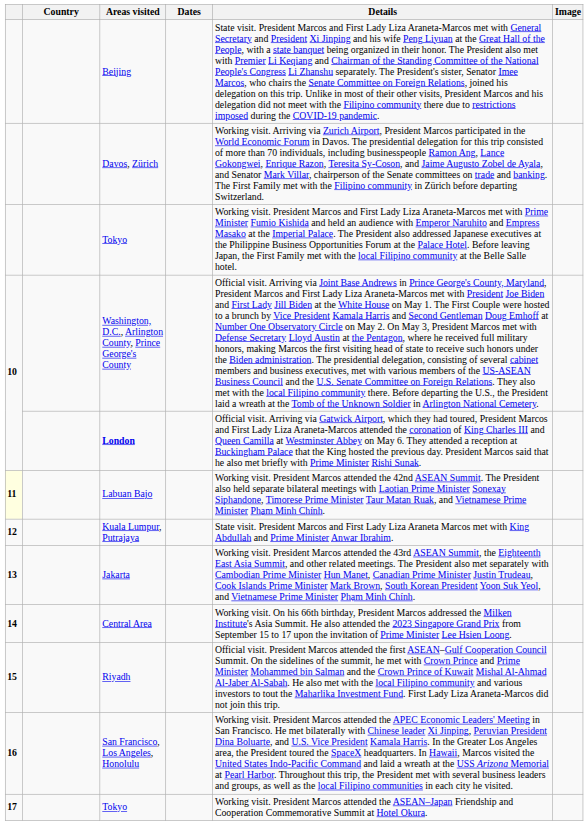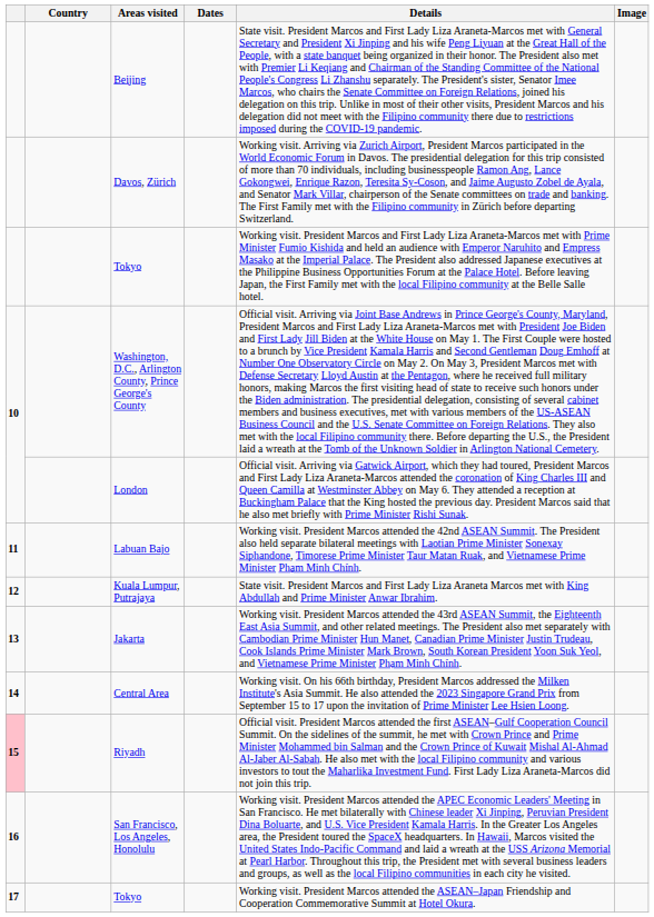 <table class="wikitable sortable" style="margin: 1em auto 1em auto">
 <tr>
 <th style="width: 3%;"></th>
 <th width=120>Country</th>
 <th width=100>Areas visited</th>
 <th width=70>Dates</th>
 <th width=550>Details</th>
 <th class="unsortable">Image</th>
 </tr>
 <tr>
 <td></td>
 <td></td>
 <td><a href='#'>Beijing</a></td>
 <td></td>
 <td>State visit. President Marcos and First Lady Liza Araneta-Marcos met with <a href='#'>General Secretary</a> and <a href='#'>President</a> <a href='#'>Xi Jinping</a> and his wife <a href='#'>Peng Liyuan</a> at the <a href='#'>Great Hall of the People</a>, with a <a href='#'>state banquet</a> being organized in their honor. The President also met with <a href='#'>Premier</a> <a href='#'>Li Keqiang</a> and <a href='#'>Chairman of the Standing Committee of the National People's Congress</a> <a href='#'>Li Zhanshu</a> separately. The President's sister, Senator <a href='#'>Imee Marcos</a>, who chairs the <a href='#'>Senate Committee on Foreign Relations</a>, joined his delegation on this trip. Unlike in most of their other visits, President Marcos and his delegation did not meet with the <a href='#'>Filipino community</a> there due to <a href='#'>restrictions imposed</a> during the <a href='#'>COVID-19 pandemic</a>.</td>
 <td></td>
 </tr>
 <tr>
 <td></td>
 <td></td>
 <td><a href='#'>Davos</a>, <a href='#'>Zürich</a></td>
 <td></td>
 <td>Working visit. Arriving via <a href='#'>Zurich Airport</a>, President Marcos participated in the <a href='#'>World Economic Forum</a> in Davos. The presidential delegation for this trip consisted of more than 70 individuals, including businesspeople <a href='#'>Ramon Ang</a>, <a href='#'>Lance Gokongwei</a>, <a href='#'>Enrique Razon</a>, <a href='#'>Teresita Sy-Coson</a>, and <a href='#'>Jaime Augusto Zobel de Ayala</a>, and Senator <a href='#'>Mark Villar</a>, chairperson of the Senate committees on <a href='#'>trade</a> and <a href='#'>banking</a>. The First Family met with the <a href='#'>Filipino community</a> in Zürich before departing Switzerland.</td>
 <td></td>
 </tr>
 <tr>
 <td></td>
 <td></td>
 <td><a href='#'>Tokyo</a></td>
 <td></td>
 <td>Working visit. President Marcos and First Lady Liza Araneta-Marcos met with <a href='#'>Prime Minister</a> <a href='#'>Fumio Kishida</a> and held an audience with <a href='#'>Emperor Naruhito</a> and <a href='#'>Empress Masako</a> at the <a href='#'>Imperial Palace</a>. The President also addressed Japanese executives at the Philippine Business Opportunities Forum at the <a href='#'>Palace Hotel</a>. Before leaving Japan, the First Family met with the <a href='#'>local Filipino community</a> at the Belle Salle hotel.</td>
 <td></td>
 </tr>
 <tr>
 <td rowspan="2"><strong>10</strong></td>
 <td></td>
 <td><a href='#'>Washington, D.C.</a>, <a href='#'>Arlington County</a>, <a href='#'>Prince George's County</a></td>
 <td></td>
 <td>Official visit. Arriving via <a href='#'>Joint Base Andrews</a> in <a href='#'>Prince George's County, Maryland</a>, President Marcos and First Lady Liza Araneta-Marcos met with <a href='#'>President</a> <a href='#'>Joe Biden</a> and <a href='#'>First Lady</a> <a href='#'>Jill Biden</a> at the <a href='#'>White House</a> on May 1. The First Couple were hosted to a brunch by <a href='#'>Vice President</a> <a href='#'>Kamala Harris</a> and <a href='#'>Second Gentleman</a> <a href='#'>Doug Emhoff</a> at <a href='#'>Number One Observatory Circle</a> on May 2. On May 3, President Marcos met with <a href='#'>Defense Secretary</a> <a href='#'>Lloyd Austin</a> at <a href='#'>the Pentagon</a>, where he received full military honors, making Marcos the first visiting head of state to receive such honors under the <a href='#'>Biden administration</a>. The presidential delegation, consisting of several <a href='#'>cabinet</a> members and business executives, met with various members of the <a href='#'>US-ASEAN Business Council</a> and the <a href='#'>U.S. Senate Committee on Foreign Relations</a>. They also met with the <a href='#'>local Filipino community</a> there. Before departing the U.S., the President laid a wreath at the <a href='#'>Tomb of the Unknown Soldier</a> in <a href='#'>Arlington National Cemetery</a>.</td>
 <td></td>
 </tr>
 <tr>
 <td></td>
-<td><strong><a href='#'>London</a></strong></td>
+<td><a href='#'>London</a></td>
 <td></td>
 <td>Official visit. Arriving via <a href='#'>Gatwick Airport</a>, which they had toured, President Marcos and First Lady Liza Araneta-Marcos attended the <a href='#'>coronation</a> of <a href='#'>King Charles III</a> and <a href='#'>Queen Camilla</a> at <a href='#'>Westminster Abbey</a> on May 6. They attended a reception at <a href='#'>Buckingham Palace</a> that the King hosted the previous day. President Marcos said that he also met briefly with <a href='#'>Prime Minister</a> <a href='#'>Rishi Sunak</a>.</td>
 <td></td>
 </tr>
 <tr>
-<td style="background: lightyellow;"><strong>11</strong></td>
+<td><strong>11</strong></td>
 <td></td>
 <td><a href='#'>Labuan Bajo</a></td>
 <td></td>
 <td>Working visit. President Marcos attended the 42nd <a href='#'>ASEAN Summit</a>. The President also held separate bilateral meetings with <a href='#'>Laotian Prime Minister</a> <a href='#'>Sonexay Siphandone</a>, <a href='#'>Timorese Prime Minister</a> <a href='#'>Taur Matan Ruak</a>, and <a href='#'>Vietnamese Prime Minister</a> <a href='#'>Phạm Minh Chính</a>.</td>
 <td></td>
 </tr>
 <tr>
 <td><strong>12</strong></td>
 <td></td>
 <td><a href='#'>Kuala Lumpur</a>, <a href='#'>Putrajaya</a></td>
 <td></td>
 <td>State visit. President Marcos and First Lady Liza Araneta Marcos met with <a href='#'>King</a> <a href='#'>Abdullah</a> and <a href='#'>Prime Minister</a> <a href='#'>Anwar Ibrahim</a>.</td>
 <td></td>
 </tr>
 <tr>
 <td><strong>13</strong></td>
 <td></td>
 <td><a href='#'>Jakarta</a></td>
 <td></td>
 <td>Working visit. President Marcos attended the 43rd <a href='#'>ASEAN Summit</a>, the <a href='#'>Eighteenth East Asia Summit</a>, and other related meetings. The President also met separately with <a href='#'>Cambodian Prime Minister</a> <a href='#'>Hun Manet</a>, <a href='#'>Canadian Prime Minister</a> <a href='#'>Justin Trudeau</a>, <a href='#'>Cook Islands Prime Minister</a> <a href='#'>Mark Brown</a>, <a href='#'>South Korean President</a> <a href='#'>Yoon Suk Yeol</a>, and <a href='#'>Vietnamese Prime Minister</a> <a href='#'>Phạm Minh Chính</a>.</td>
 <td></td>
 </tr>
 <tr>
 <td><strong>14</strong></td>
 <td></td>
 <td><a href='#'>Central Area</a></td>
 <td></td>
 <td>Working visit. On his 66th birthday, President Marcos addressed the <a href='#'>Milken Institute</a>'s Asia Summit. He also attended the <a href='#'>2023 Singapore Grand Prix</a> from September 15 to 17 upon the invitation of <a href='#'>Prime Minister</a> <a href='#'>Lee Hsien Loong</a>.</td>
 <td></td>
 </tr>
 <tr>
-<td><strong>15</strong></td>
+<td style="background: pink;"><strong>15</strong></td>
 <td></td>
 <td><a href='#'>Riyadh</a></td>
 <td></td>
 <td>Official visit. President Marcos attended the first <a href='#'>ASEAN</a>–<a href='#'>Gulf Cooperation Council</a> Summit. On the sidelines of the summit, he met with <a href='#'>Crown Prince</a> and <a href='#'>Prime Minister</a> <a href='#'>Mohammed bin Salman</a> and the <a href='#'>Crown Prince of Kuwait</a> <a href='#'>Mishal Al-Ahmad Al-Jaber Al-Sabah</a>. He also met with the <a href='#'>local Filipino community</a> and various investors to tout the <a href='#'>Maharlika Investment Fund</a>. First Lady Liza Araneta-Marcos did not join this trip.</td>
 <td></td>
 </tr>
 <tr>
 <td><strong>16</strong></td>
 <td></td>
 <td><a href='#'>San Francisco</a>, <a href='#'>Los Angeles</a>, <a href='#'>Honolulu</a></td>
 <td></td>
 <td>Working visit. President Marcos attended the <a href='#'>APEC Economic Leaders' Meeting</a> in San Francisco. He met bilaterally with <a href='#'>Chinese leader</a> <a href='#'>Xi Jinping</a>, <a href='#'>Peruvian President</a> <a href='#'>Dina Boluarte</a>, and <a href='#'>U.S. Vice President</a> <a href='#'>Kamala Harris</a>. In the Greater Los Angeles area, the President toured the <a href='#'>SpaceX</a> headquarters. In <a href='#'>Hawaii</a>, Marcos visited the <a href='#'>United States Indo-Pacific Command</a> and laid a wreath at the <a href='#'>USS <em>Arizona</em> Memorial</a> at <a href='#'>Pearl Harbor</a>. Throughout this trip, the President met with several business leaders and groups, as well as the <a href='#'>local Filipino communities</a> in each city he visited.</td>
 <td></td>
 </tr>
 <tr>
 <td><strong>17</strong></td>
 <td></td>
 <td><a href='#'>Tokyo</a></td>
 <td></td>
 <td>Working visit. President Marcos attended the <a href='#'>ASEAN–Japan</a> Friendship and Cooperation Commemorative Summit at <a href='#'>Hotel Okura</a>.</td>
 <td></td>
 </tr>
 </table>
